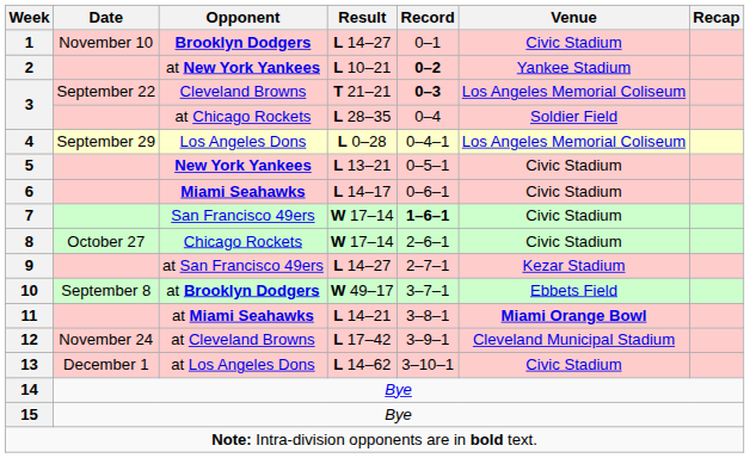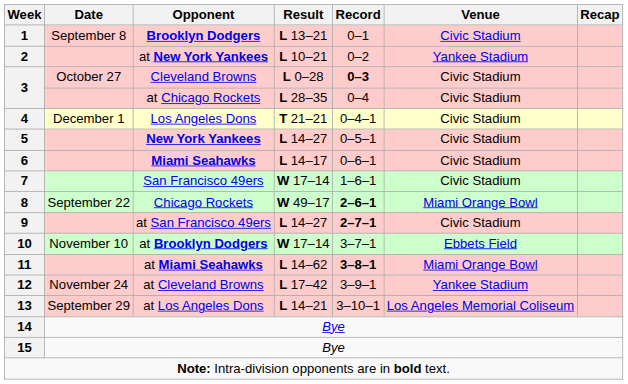 <table class="wikitable" style="text-align:center">
 <tr>
 <th>Week</th>
 <th>Date</th>
 <th>Opponent</th>
 <th>Result</th>
 <th>Record</th>
 <th>Venue</th>
 <th>Recap</th>
 </tr>
 <tr style="background:#fcc">
 <th>1</th>
-<td>November 10</td>
+<td>September 8</td>
 <td><strong><a href='#'>Brooklyn Dodgers</a></strong></td>
-<td><strong>L</strong> 14–27</td>
+<td><strong>L</strong> 13–21</td>
 <td>0–1</td>
 <td><a href='#'>Civic Stadium</a></td>
 <td></td>
 </tr>
 <tr style="background:#fcc">
 <th>2</th>
 <td></td>
 <td>at <strong><a href='#'>New York Yankees</a></strong></td>
 <td><strong>L</strong> 10–21</td>
-<td><strong>0–2</strong></td>
+<td>0–2</td>
 <td><a href='#'>Yankee Stadium</a></td>
 <td></td>
 </tr>
 <tr style="background:#fcc">
 <th rowspan="2">3</th>
-<td>September 22</td>
+<td>October 27</td>
 <td><a href='#'>Cleveland Browns</a></td>
-<td><strong>T</strong> 21–21</td>
+<td><strong>L</strong> 0–28</td>
 <td><strong>0–3</strong></td>
-<td><a href='#'>Los Angeles Memorial Coliseum</a></td>
+<td>Civic Stadium</td>
 <td></td>
 </tr>
 <tr style="background:#fcc">
 <td></td>
 <td>at <a href='#'>Chicago Rockets</a></td>
 <td><strong>L</strong> 28–35</td>
 <td>0–4</td>
-<td><a href='#'>Soldier Field</a></td>
+<td>Civic Stadium</td>
 <td></td>
 </tr>
 <tr style="background:#ffc">
 <th>4</th>
-<td>September 29</td>
+<td>December 1</td>
 <td><a href='#'>Los Angeles Dons</a></td>
-<td><strong>L</strong> 0–28</td>
+<td><strong>T</strong> 21–21</td>
 <td>0–4–1</td>
-<td><a href='#'>Los Angeles Memorial Coliseum</a></td>
+<td>Civic Stadium</td>
 <td></td>
 </tr>
 <tr style="background:#fcc">
 <th>5</th>
 <td></td>
 <td><strong><a href='#'>New York Yankees</a></strong></td>
-<td><strong>L</strong> 13–21</td>
+<td><strong>L</strong> 14–27</td>
 <td>0–5–1</td>
 <td>Civic Stadium</td>
 <td></td>
 </tr>
 <tr style="background:#fcc">
 <th>6</th>
 <td></td>
 <td><strong><a href='#'>Miami Seahawks</a></strong></td>
 <td><strong>L</strong> 14–17</td>
 <td>0–6–1</td>
 <td>Civic Stadium</td>
 <td></td>
 </tr>
 <tr style="background:#cfc">
 <th>7</th>
 <td></td>
 <td><a href='#'>San Francisco 49ers</a></td>
 <td><strong>W</strong> 17–14</td>
-<td><strong>1–6–1</strong></td>
+<td>1–6–1</td>
 <td>Civic Stadium</td>
 <td></td>
 </tr>
 <tr style="background:#cfc">
 <th>8</th>
-<td>October 27</td>
+<td>September 22</td>
 <td><a href='#'>Chicago Rockets</a></td>
-<td><strong>W</strong> 17–14</td>
-<td>2–6–1</td>
-<td>Civic Stadium</td>
+<td><strong>W</strong> 49–17</td>
+<td><strong>2–6–1</strong></td>
+<td><a href='#'>Miami Orange Bowl</a></td>
 <td></td>
 </tr>
 <tr style="background:#fcc">
 <th>9</th>
 <td></td>
 <td>at <a href='#'>San Francisco 49ers</a></td>
 <td><strong>L</strong> 14–27</td>
-<td>2–7–1</td>
-<td><a href='#'>Kezar Stadium</a></td>
+<td><strong>2–7–1</strong></td>
+<td>Civic Stadium</td>
 <td></td>
 </tr>
 <tr style="background:#cfc">
 <th>10</th>
-<td>September 8</td>
+<td>November 10</td>
 <td>at <strong><a href='#'>Brooklyn Dodgers</a></strong></td>
-<td><strong>W</strong> 49–17</td>
+<td><strong>W</strong> 17–14</td>
 <td>3–7–1</td>
 <td><a href='#'>Ebbets Field</a></td>
 <td></td>
 </tr>
 <tr style="background:#fcc">
 <th>11</th>
 <td></td>
 <td>at <strong><a href='#'>Miami Seahawks</a></strong></td>
-<td><strong>L</strong> 14–21</td>
-<td>3–8–1</td>
-<td><strong><a href='#'>Miami Orange Bowl</a></strong></td>
+<td><strong>L</strong> 14–62</td>
+<td><strong>3–8–1</strong></td>
+<td><a href='#'>Miami Orange Bowl</a></td>
 <td></td>
 </tr>
 <tr style="background:#fcc">
 <th>12</th>
 <td>November 24</td>
 <td>at <a href='#'>Cleveland Browns</a></td>
 <td><strong>L</strong> 17–42</td>
 <td>3–9–1</td>
-<td><a href='#'>Cleveland Municipal Stadium</a></td>
+<td><a href='#'>Yankee Stadium</a></td>
 <td></td>
 </tr>
 <tr style="background:#fcc">
 <th>13</th>
-<td>December 1</td>
+<td>September 29</td>
 <td>at <a href='#'>Los Angeles Dons</a></td>
-<td><strong>L</strong> 14–62</td>
+<td><strong>L</strong> 14–21</td>
 <td>3–10–1</td>
-<td><a href='#'>Civic Stadium</a></td>
+<td><a href='#'>Los Angeles Memorial Coliseum</a></td>
 <td></td>
 </tr>
 <tr>
 <th>14</th>
 <td colspan=6 align=center><em><a href='#'>Bye</a></em></td>
 </tr>
 <tr>
 <th>15</th>
 <td colspan=6 align=center><em>Bye</em></td>
 </tr>
 <tr>
 <td colspan="8"><strong>Note:</strong> Intra-division opponents are in <strong>bold</strong> text.</td>
 </tr>
 </table>
